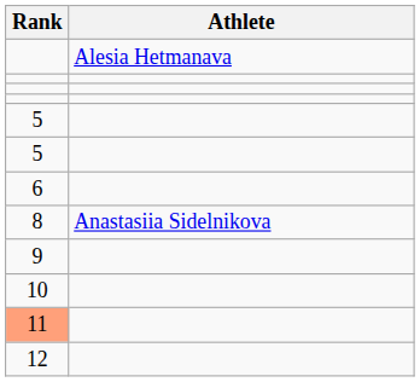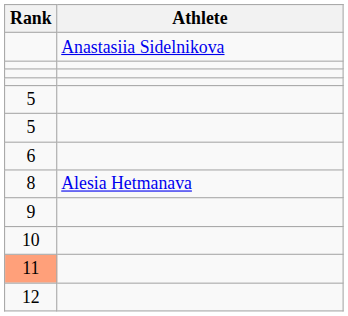 <table class="wikitable" style="text-align: center;">
 <tr>
 <th width=40>Rank</th>
 <th width=250>Athlete</th>
 </tr>
 <tr>
 <td></td>
-<td align="left"> <a href='#'>Alesia Hetmanava</a> </td>
+<td align="left"> <a href='#'>Anastasiia Sidelnikova</a>  </td>
 </tr>
 <tr>
 <td></td>
 <td align="left"></td>
 </tr>
 <tr>
 <td></td>
 <td align="left"></td>
 </tr>
 <tr>
 <td></td>
 <td align="left"></td>
 </tr>
 <tr>
 <td>5</td>
 <td align="left"></td>
 </tr>
 <tr>
 <td>5</td>
 <td align="left"></td>
 </tr>
 <tr>
 <td>6</td>
 <td align="left"></td>
 </tr>
 <tr>
 <td>8</td>
-<td align="left"> <a href='#'>Anastasiia Sidelnikova</a>  </td>
+<td align="left"> <a href='#'>Alesia Hetmanava</a> </td>
 </tr>
 <tr>
 <td>9</td>
 <td align="left"></td>
 </tr>
 <tr>
 <td>10</td>
 <td align="left"></td>
 </tr>
 <tr>
 <td style="background: lightsalmon;">11</td>
 <td align="left"></td>
 </tr>
 <tr>
 <td>12</td>
 <td align="left"></td>
 </tr>
 </table>
